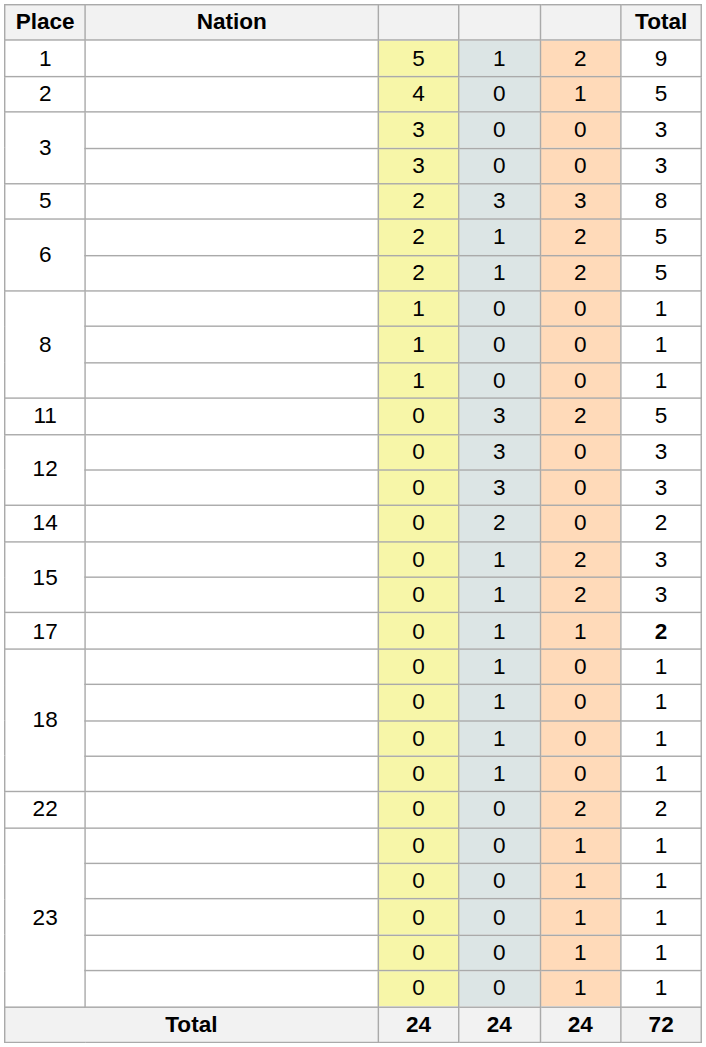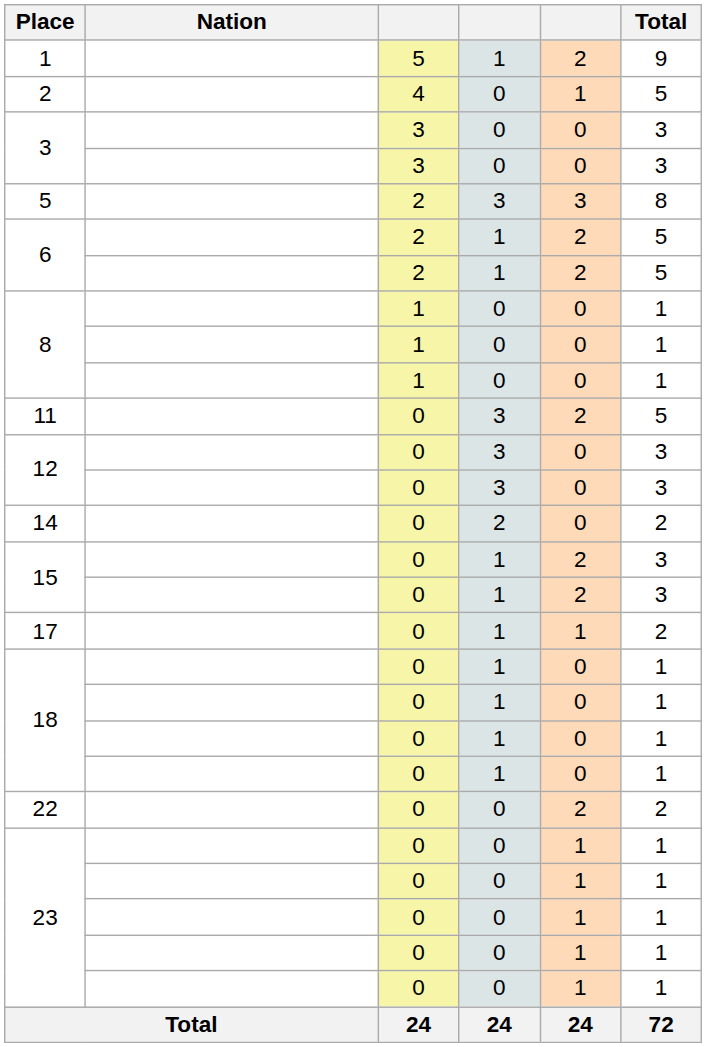 <table class="wikitable" style="border:1px solid #AAAAAA">
 <tr bgcolor="#EFEFEF">
 <th width=50>Place</th>
 <th width=200>Nation</th>
 <th width=50></th>
 <th width=50></th>
 <th width=50></th>
 <th width=50>Total</th>
 </tr>
 <tr align=center bgcolor="#FFFFFF">
 <td>1</td>
 <td align="left"></td>
 <td style="background:#F7F6A8;">5</td>
 <td style="background:#DCE5E5;">1</td>
 <td style="background:#FFDAB9;">2</td>
 <td>9</td>
 </tr>
 <tr align=center bgcolor="#FFFFFF">
 <td>2</td>
 <td align="left"></td>
 <td style="background:#F7F6A8;">4</td>
 <td style="background:#DCE5E5;">0</td>
 <td style="background:#FFDAB9;">1</td>
 <td>5</td>
 </tr>
 <tr align=center bgcolor="#FFFFFF">
 <td rowspan=2>3</td>
 <td align="left"></td>
 <td style="background:#F7F6A8;">3</td>
 <td style="background:#DCE5E5;">0</td>
 <td style="background:#FFDAB9;">0</td>
 <td>3</td>
 </tr>
 <tr align=center bgcolor="#FFFFFF">
 <td align="left"></td>
 <td style="background:#F7F6A8;">3</td>
 <td style="background:#DCE5E5;">0</td>
 <td style="background:#FFDAB9;">0</td>
 <td>3</td>
 </tr>
 <tr align=center bgcolor="#FFFFFF">
 <td>5</td>
 <td align="left"></td>
 <td style="background:#F7F6A8;">2</td>
 <td style="background:#DCE5E5;">3</td>
 <td style="background:#FFDAB9;">3</td>
 <td>8</td>
 </tr>
 <tr align=center bgcolor="#FFFFFF">
 <td rowspan=2>6</td>
 <td align="left"></td>
 <td style="background:#F7F6A8;">2</td>
 <td style="background:#DCE5E5;">1</td>
 <td style="background:#FFDAB9;">2</td>
 <td>5</td>
 </tr>
 <tr align=center bgcolor="#FFFFFF">
 <td align="left"></td>
 <td style="background:#F7F6A8;">2</td>
 <td style="background:#DCE5E5;">1</td>
 <td style="background:#FFDAB9;">2</td>
 <td>5</td>
 </tr>
 <tr align=center bgcolor="#FFFFFF">
 <td rowspan=3>8</td>
 <td align="left"></td>
 <td style="background:#F7F6A8;">1</td>
 <td style="background:#DCE5E5;">0</td>
 <td style="background:#FFDAB9;">0</td>
 <td>1</td>
 </tr>
 <tr align=center bgcolor="#FFFFFF">
 <td align="left"></td>
 <td style="background:#F7F6A8;">1</td>
 <td style="background:#DCE5E5;">0</td>
 <td style="background:#FFDAB9;">0</td>
 <td>1</td>
 </tr>
 <tr align=center bgcolor="#FFFFFF">
 <td align="left"></td>
 <td style="background:#F7F6A8;">1</td>
 <td style="background:#DCE5E5;">0</td>
 <td style="background:#FFDAB9;">0</td>
 <td>1</td>
 </tr>
 <tr align=center bgcolor="#FFFFFF">
 <td>11</td>
 <td align="left"></td>
 <td style="background:#F7F6A8;">0</td>
 <td style="background:#DCE5E5;">3</td>
 <td style="background:#FFDAB9;">2</td>
 <td>5</td>
 </tr>
 <tr align=center bgcolor="#FFFFFF">
 <td rowspan=2>12</td>
 <td align="left"></td>
 <td style="background:#F7F6A8;">0</td>
 <td style="background:#DCE5E5;">3</td>
 <td style="background:#FFDAB9;">0</td>
 <td>3</td>
 </tr>
 <tr align=center bgcolor="#FFFFFF">
 <td align="left"></td>
 <td style="background:#F7F6A8;">0</td>
 <td style="background:#DCE5E5;">3</td>
 <td style="background:#FFDAB9;">0</td>
 <td>3</td>
 </tr>
 <tr align=center bgcolor="#FFFFFF">
 <td>14</td>
 <td align="left"></td>
 <td style="background:#F7F6A8;">0</td>
 <td style="background:#DCE5E5;">2</td>
 <td style="background:#FFDAB9;">0</td>
 <td>2</td>
 </tr>
 <tr align=center bgcolor="#FFFFFF">
 <td rowspan=2>15</td>
 <td align="left"></td>
 <td style="background:#F7F6A8;">0</td>
 <td style="background:#DCE5E5;">1</td>
 <td style="background:#FFDAB9;">2</td>
 <td>3</td>
 </tr>
 <tr align=center bgcolor="#FFFFFF">
 <td align="left"></td>
 <td style="background:#F7F6A8;">0</td>
 <td style="background:#DCE5E5;">1</td>
 <td style="background:#FFDAB9;">2</td>
 <td>3</td>
 </tr>
 <tr align=center bgcolor="#FFFFFF">
 <td>17</td>
 <td align="left"></td>
 <td style="background:#F7F6A8;">0</td>
 <td style="background:#DCE5E5;">1</td>
 <td style="background:#FFDAB9;">1</td>
-<td><strong>2</strong></td>
+<td>2</td>
 </tr>
 <tr align=center bgcolor="#FFFFFF">
 <td rowspan=4>18</td>
 <td align="left"></td>
 <td style="background:#F7F6A8;">0</td>
 <td style="background:#DCE5E5;">1</td>
 <td style="background:#FFDAB9;">0</td>
 <td>1</td>
 </tr>
 <tr align=center bgcolor="#FFFFFF">
 <td align="left"></td>
 <td style="background:#F7F6A8;">0</td>
 <td style="background:#DCE5E5;">1</td>
 <td style="background:#FFDAB9;">0</td>
 <td>1</td>
 </tr>
 <tr align=center bgcolor="#FFFFFF">
 <td align="left"></td>
 <td style="background:#F7F6A8;">0</td>
 <td style="background:#DCE5E5;">1</td>
 <td style="background:#FFDAB9;">0</td>
 <td>1</td>
 </tr>
 <tr align=center bgcolor="#FFFFFF">
 <td align="left"></td>
 <td style="background:#F7F6A8;">0</td>
 <td style="background:#DCE5E5;">1</td>
 <td style="background:#FFDAB9;">0</td>
 <td>1</td>
 </tr>
 <tr align=center bgcolor="#FFFFFF">
 <td>22</td>
 <td align="left"></td>
 <td style="background:#F7F6A8;">0</td>
 <td style="background:#DCE5E5;">0</td>
 <td style="background:#FFDAB9;">2</td>
 <td>2</td>
 </tr>
 <tr align=center bgcolor="#FFFFFF">
 <td rowspan=5>23</td>
 <td align="left"></td>
 <td style="background:#F7F6A8;">0</td>
 <td style="background:#DCE5E5;">0</td>
 <td style="background:#FFDAB9;">1</td>
 <td>1</td>
 </tr>
 <tr align=center bgcolor="#FFFFFF">
 <td align="left"></td>
 <td style="background:#F7F6A8;">0</td>
 <td style="background:#DCE5E5;">0</td>
 <td style="background:#FFDAB9;">1</td>
 <td>1</td>
 </tr>
 <tr align=center bgcolor="#FFFFFF">
 <td align="left"></td>
 <td style="background:#F7F6A8;">0</td>
 <td style="background:#DCE5E5;">0</td>
 <td style="background:#FFDAB9;">1</td>
 <td>1</td>
 </tr>
 <tr align=center bgcolor="#FFFFFF">
 <td align="left"></td>
 <td style="background:#F7F6A8;">0</td>
 <td style="background:#DCE5E5;">0</td>
 <td style="background:#FFDAB9;">1</td>
 <td>1</td>
 </tr>
 <tr align=center bgcolor="#FFFFFF">
 <td align="left"></td>
 <td style="background:#F7F6A8;">0</td>
 <td style="background:#DCE5E5;">0</td>
 <td style="background:#FFDAB9;">1</td>
 <td>1</td>
 </tr>
 <tr bgcolor="#EFEFEF">
 <th colspan=2>Total</th>
 <th>24</th>
 <th>24</th>
 <th>24</th>
 <th>72</th>
 </tr>
 </table>
